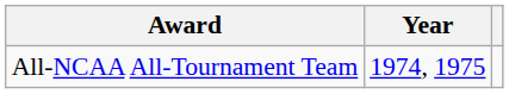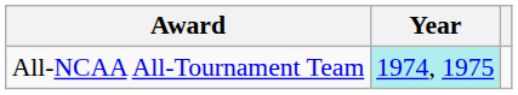 <table class="wikitable">
 <tr>
 <th>Award</th>
 <th>Year</th>
 <th></th>
 </tr>
 <tr>
 <td>All-<a href='#'>NCAA</a> <a href='#'>All-Tournament Team</a></td>
-<td><a href='#'>1974</a>, <a href='#'>1975</a></td>
+<td style="background: paleturquoise;"><a href='#'>1974</a>, <a href='#'>1975</a></td>
 <td></td>
 </tr>
 </table>
